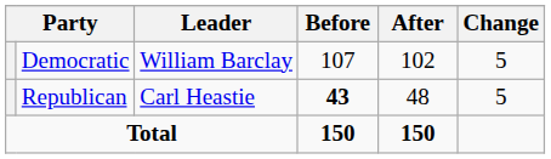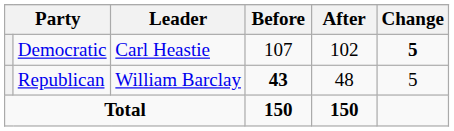 <table class="wikitable" style="text-align:center;">
 <tr>
 </tr>
 <tr>
 <th colspan=2>Party</th>
 <th>Leader</th>
 <th style="width:3em">Before</th>
 <th style="width:3em">After</th>
 <th style="width:3em">Change</th>
 </tr>
 <tr>
 <th style="background-color:"></th>
 <td style="text-align:left;"><a href='#'>Democratic</a></td>
-<td style="text-align:left;"><a href='#'>William Barclay</a></td>
+<td style="text-align:left;"><a href='#'>Carl Heastie</a></td>
 <td>107</td>
 <td>102</td>
-<td>5</td>
+<td><strong>5</strong></td>
 </tr>
 <tr>
 <th style="background-color:"></th>
 <td style="text-align:left;"><a href='#'>Republican</a></td>
-<td style="text-align:left;"><a href='#'>Carl Heastie</a></td>
+<td style="text-align:left;"><a href='#'>William Barclay</a></td>
 <td><strong>43</strong></td>
 <td>48</td>
 <td>5</td>
 </tr>
 <tr>
 <td colspan=3><strong>Total</strong></td>
 <td><strong>150</strong></td>
 <td><strong>150</strong></td>
 <td></td>
 </tr>
 </table>
